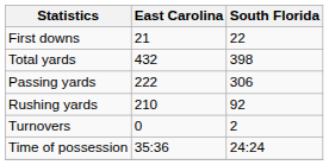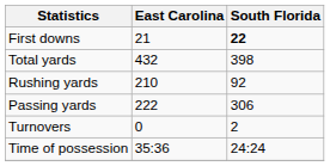 <table class="wikitable">
 <tr>
 <th>Statistics</th>
 <th>East Carolina</th>
 <th>South Florida</th>
 </tr>
 <tr>
 <td>First downs</td>
 <td>21</td>
-<td>22</td>
+<td><strong>22</strong></td>
 </tr>
 <tr>
 <td>Total yards</td>
 <td>432</td>
 <td>398</td>
 </tr>
 <tr>
+<td>Rushing yards</td>
+<td>210</td>
+<td>92</td>
+</tr>
+<tr>
 <td>Passing yards</td>
 <td>222</td>
 <td>306</td>
-</tr>
-<tr>
-<td>Rushing yards</td>
-<td>210</td>
-<td>92</td>
 </tr>
 <tr>
 <td>Turnovers</td>
 <td>0</td>
 <td>2</td>
 </tr>
 <tr>
 <td>Time of possession</td>
 <td>35:36</td>
 <td>24:24</td>
 </tr>
 <tr>
 </tr>
 </table>
